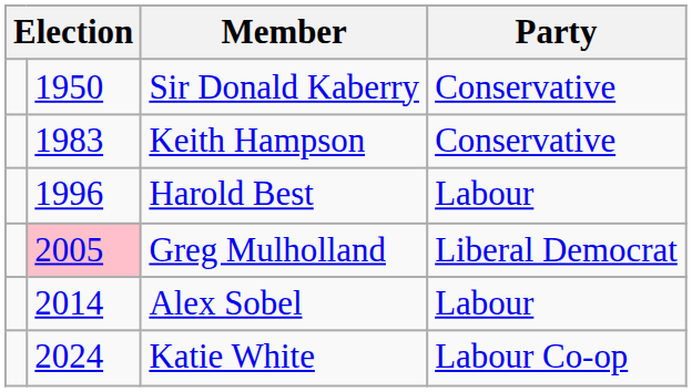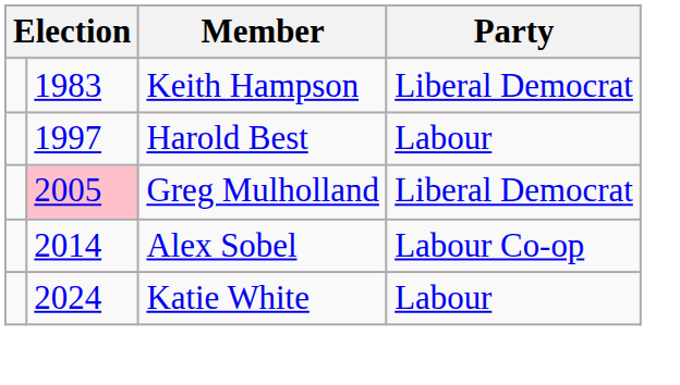 <table class="wikitable">
 <tr>
 <th colspan="2">Election</th>
 <th>Member</th>
 <th>Party</th>
 </tr>
 <tr>
 <td style="color:inherit;background-color: "></td>
-<td><a href='#'>1950</a></td>
-<td><a href='#'>Sir Donald Kaberry</a></td>
-<td><a href='#'>Conservative</a></td>
+<td><a href='#'>1983</a></td>
+<td><a href='#'>Keith Hampson</a></td>
+<td><a href='#'>Liberal Democrat</a></td>
 </tr>
 <tr>
 <td style="color:inherit;background-color: "></td>
-<td><a href='#'>1983</a></td>
-<td><a href='#'>Keith Hampson</a></td>
-<td><a href='#'>Conservative</a></td>
-</tr>
-<tr>
-<td style="color:inherit;background-color: "></td>
-<td><a href='#'>1996</a></td>
+<td><a href='#'>1997</a></td>
 <td><a href='#'>Harold Best</a></td>
 <td><a href='#'>Labour</a></td>
 </tr>
 <tr>
 <td style="color:inherit;background-color: "></td>
 <td style="background: pink;"><a href='#'>2005</a></td>
 <td><a href='#'>Greg Mulholland</a></td>
 <td><a href='#'>Liberal Democrat</a></td>
 </tr>
 <tr>
 <td style="color:inherit;background-color: "></td>
 <td><a href='#'>2014</a></td>
 <td><a href='#'>Alex Sobel</a></td>
-<td><a href='#'>Labour</a></td>
+<td><a href='#'>Labour Co-op</a></td>
 </tr>
 <tr>
 <td style="color:inherit;background-color: "></td>
 <td><a href='#'>2024</a></td>
 <td><a href='#'>Katie White</a></td>
-<td><a href='#'>Labour Co-op</a></td>
+<td><a href='#'>Labour</a></td>
 </tr>
 </table>
